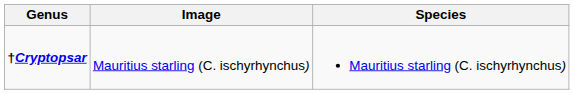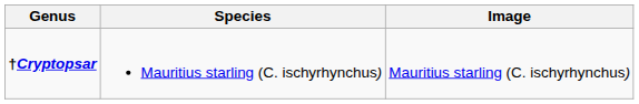 <table class="wikitable">
 <tr>
 <th>Genus</th>
+<th>Species</th>
 <th>Image</th>
-<th>Species</th>
 </tr>
 <tr>
 <td><strong>†<em><a href='#'>Cryptopsar</a><strong><em></td>
+<td><br><ul><li><a href='#'>Mauritius starling</a> (</em>C. ischyrhynchus<em>)</li></ul></td>
 <td><br><a href='#'>Mauritius starling</a>  (</em>C. ischyrhynchus<em>)</td>
-<td><br><ul><li><a href='#'>Mauritius starling</a> (</em>C. ischyrhynchus<em>)</li></ul></td>
 </tr>
 </table>
